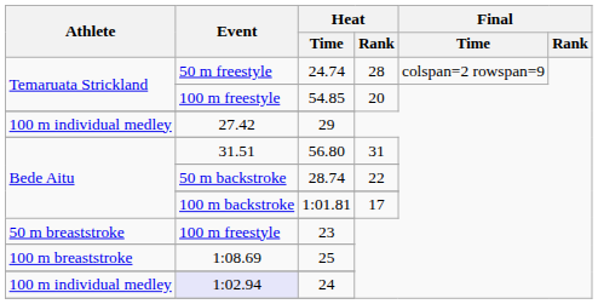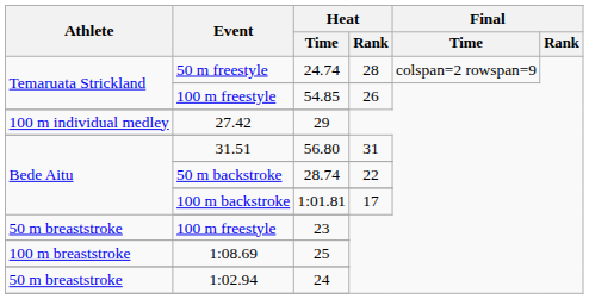 <table class=wikitable style="font-size:90%">
 <tr>
 <th rowspan="2">Athlete</th>
 <th rowspan="2">Event</th>
 <th colspan="2">Heat</th>
 <th colspan="2">Final</th>
 </tr>
 <tr style="font-size:95%">
 <th>Time</th>
 <th>Rank</th>
 <th>Time</th>
 <th>Rank</th>
 </tr>
 <tr align=center>
 <td align=left rowspan=3><a href='#'>Temaruata Strickland</a></td>
 <td align=left><a href='#'>50 m freestyle</a></td>
 <td>24.74</td>
 <td>28</td>
 <td>colspan=2 rowspan=9 </td>
 </tr>
 <tr>
 </tr>
 <tr align=center>
 <td align=left><a href='#'>100 m freestyle</a></td>
 <td>54.85</td>
-<td>20</td>
+<td>26</td>
 </tr>
 <tr>
 </tr>
 <tr align=center>
 <td align=left><a href='#'>100 m individual medley</a></td>
 <td>27.42</td>
 <td>29</td>
 </tr>
 <tr>
 </tr>
 <tr align=center>
 <td align=left rowspan=6><a href='#'>Bede Aitu</a></td>
 <td>31.51</td>
 <td>56.80</td>
 <td>31</td>
 </tr>
 <tr>
 </tr>
 <tr align=center>
 <td align=left><a href='#'>50 m backstroke</a></td>
 <td>28.74</td>
 <td>22</td>
 </tr>
 <tr>
 </tr>
 <tr align=center>
 <td align=left><a href='#'>100 m backstroke</a></td>
 <td>1:01.81</td>
 <td>17</td>
 </tr>
 <tr>
 </tr>
 <tr align=center>
 <td align=left><a href='#'>50 m breaststroke</a></td>
 <td align=left><a href='#'>100 m freestyle</a></td>
 <td>23</td>
 </tr>
 <tr>
 </tr>
 <tr align=center>
 <td align=left><a href='#'>100 m breaststroke</a></td>
 <td>1:08.69</td>
 <td>25</td>
 </tr>
 <tr>
 </tr>
 <tr align=center>
-<td align=left><a href='#'>100 m individual medley</a></td>
-<td style="background: lavender;">1:02.94</td>
+<td align=left><a href='#'>50 m breaststroke</a></td>
+<td>1:02.94</td>
 <td>24</td>
 </tr>
 <tr>
 </tr>
 </table>
